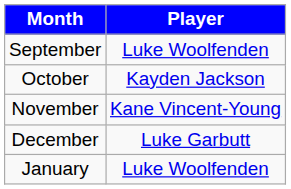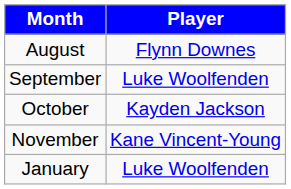 <table class="wikitable" style="text-align:center">
 <tr>
 <th style="background:blue; color:white; width=0%">Month</th>
 <th style="background:blue; color:white; width=0%">Player</th>
+</tr>
+<tr>
+<td>August</td>
+<td> <a href='#'>Flynn Downes</a></td>
 </tr>
 <tr>
 <td>September</td>
 <td> <a href='#'>Luke Woolfenden</a></td>
 </tr>
 <tr>
 <td>October</td>
 <td> <a href='#'>Kayden Jackson</a></td>
 </tr>
 <tr>
 <td>November</td>
 <td> <a href='#'>Kane Vincent-Young</a></td>
 </tr>
 <tr>
-<td>December</td>
-<td> <a href='#'>Luke Garbutt</a></td>
-</tr>
-<tr>
 <td>January</td>
 <td> <a href='#'>Luke Woolfenden</a></td>
 </tr>
 </table>
